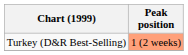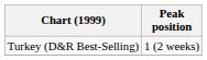 <table class="wikitable sortable">
 <tr>
 <th align="left">Chart (1999)</th>
 <th align="center">Peak<br>position</th>
 </tr>
 <tr>
 <td align="left">Turkey (D&R Best-Selling)</td>
-<td align="center" style="background: lightsalmon;">1 (2 weeks)</td>
+<td align="center">1 (2 weeks)</td>
 </tr>
 <tr>
 </tr>
 </table>
